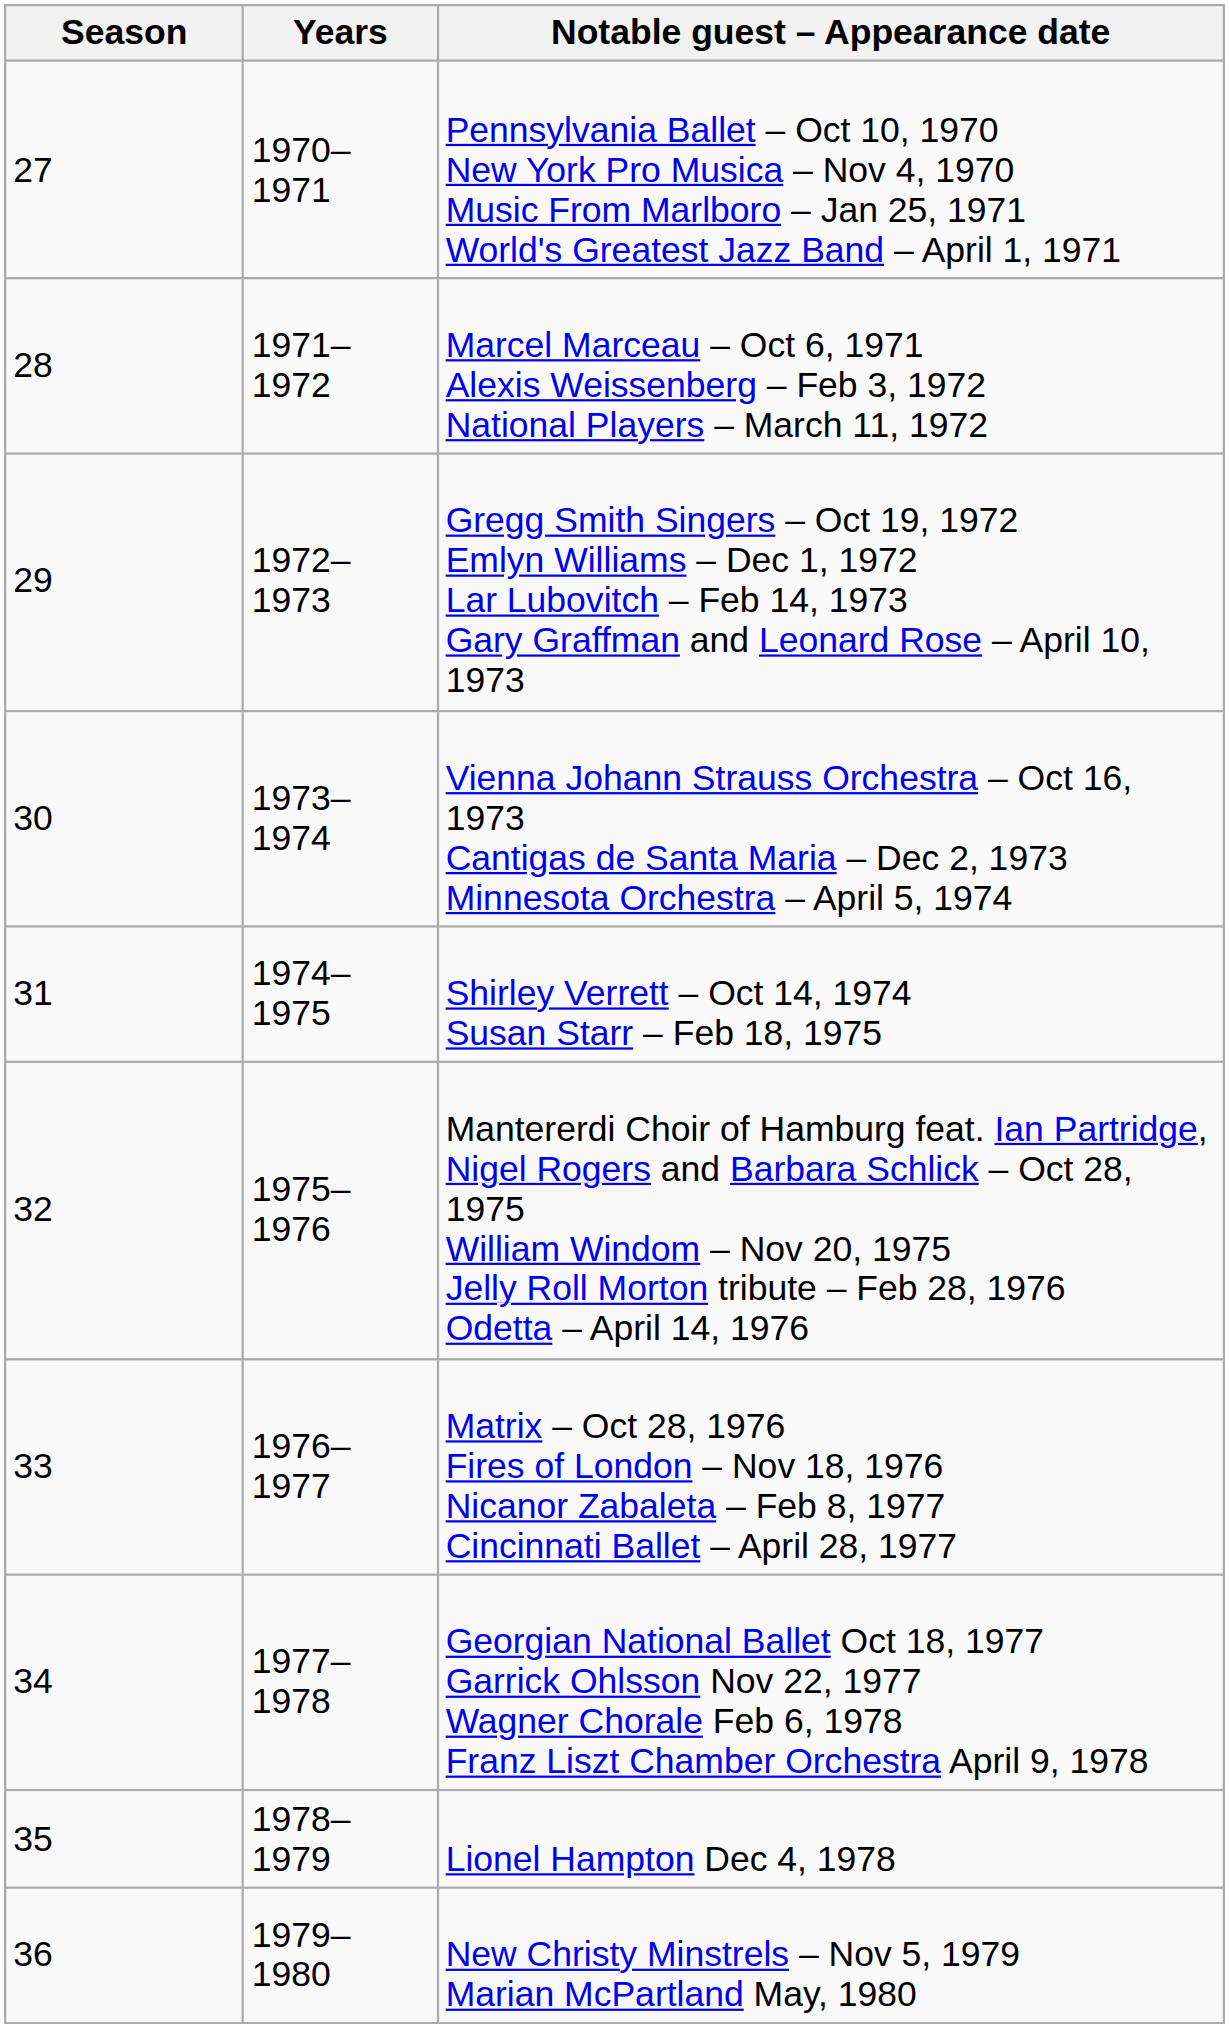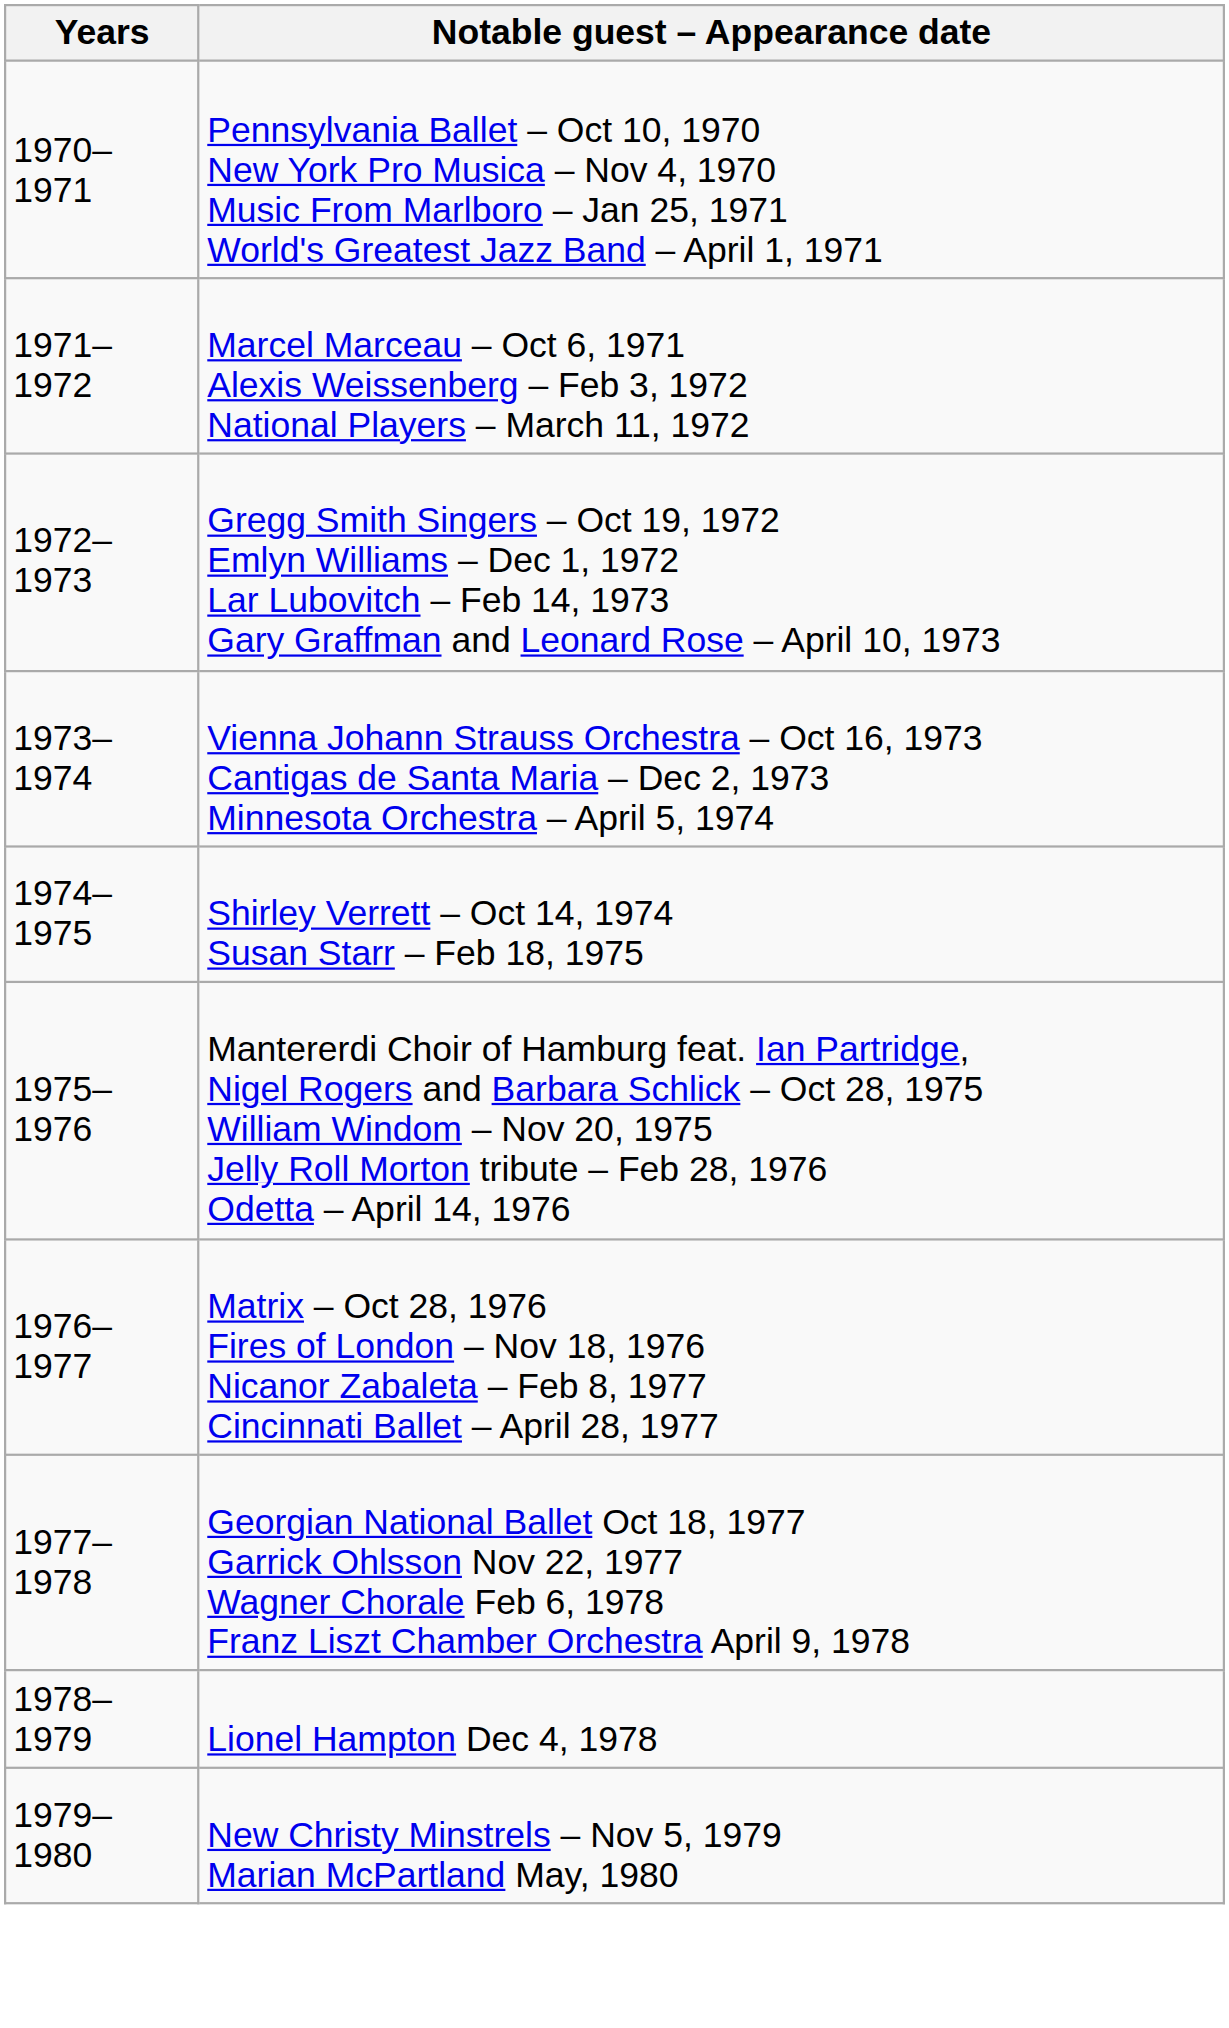 <table class="wikitable collapsible" width="550">
 <tr>
-<th scope="col" width="100px">Season</th>
 <th scope="col" width="80px">Years</th>
 <th>Notable guest – Appearance date</th>
 </tr>
 <tr>
-<td>27</td>
 <td>1970–1971</td>
 <td><br><a href='#'>Pennsylvania Ballet</a> – Oct 10, 1970<br> <a href='#'>New York Pro Musica</a> – Nov 4, 1970<br> <a href='#'>Music From Marlboro</a> – Jan 25, 1971<br> <a href='#'>World's Greatest Jazz Band</a> – April 1, 1971</td>
 </tr>
 <tr>
-<td>28</td>
 <td>1971–1972</td>
 <td><br><a href='#'>Marcel Marceau</a> – Oct 6, 1971<br> <a href='#'>Alexis Weissenberg</a> – Feb 3, 1972<br> <a href='#'>National Players</a> – March 11, 1972</td>
 </tr>
 <tr>
-<td>29</td>
 <td>1972–1973</td>
 <td><br><a href='#'>Gregg Smith Singers</a> – Oct 19, 1972<br> <a href='#'>Emlyn Williams</a> – Dec 1, 1972<br> <a href='#'>Lar Lubovitch</a> – Feb 14, 1973<br> <a href='#'>Gary Graffman</a> and <a href='#'>Leonard Rose</a> – April 10, 1973</td>
 </tr>
 <tr>
-<td>30</td>
 <td>1973–1974</td>
 <td><br><a href='#'>Vienna Johann Strauss Orchestra</a> – Oct 16, 1973<br> <a href='#'>Cantigas de Santa Maria</a> – Dec 2, 1973<br> <a href='#'>Minnesota Orchestra</a> – April 5, 1974</td>
 </tr>
 <tr>
-<td>31</td>
 <td>1974–1975</td>
 <td><br><a href='#'>Shirley Verrett</a> – Oct 14, 1974<br> <a href='#'>Susan Starr</a> – Feb 18, 1975</td>
 </tr>
 <tr>
-<td>32</td>
 <td>1975–1976</td>
 <td><br>Mantererdi Choir of Hamburg feat. <a href='#'>Ian Partridge</a>, <br><a href='#'>Nigel Rogers</a> and <a href='#'>Barbara Schlick</a> – Oct 28, 1975<br> <a href='#'>William Windom</a> – Nov 20, 1975<br> <a href='#'>Jelly Roll Morton</a> tribute – Feb 28, 1976<br> <a href='#'>Odetta</a> – April 14, 1976</td>
 </tr>
 <tr>
-<td>33</td>
 <td>1976–1977</td>
 <td><br><a href='#'>Matrix</a> – Oct 28, 1976<br> <a href='#'>Fires of London</a> – Nov 18, 1976<br> <a href='#'>Nicanor Zabaleta</a> – Feb 8, 1977<br> <a href='#'>Cincinnati Ballet</a> – April 28, 1977</td>
 </tr>
 <tr>
-<td>34</td>
 <td>1977–1978</td>
 <td><br><a href='#'>Georgian National Ballet</a> Oct 18, 1977<br> <a href='#'>Garrick Ohlsson</a> Nov 22, 1977<br> <a href='#'>Wagner Chorale</a> Feb 6, 1978<br> <a href='#'>Franz Liszt Chamber Orchestra</a> April 9, 1978</td>
 </tr>
 <tr>
-<td>35</td>
 <td>1978–1979</td>
 <td><br><a href='#'>Lionel Hampton</a> Dec 4, 1978</td>
 </tr>
 <tr>
-<td>36</td>
 <td>1979–1980</td>
 <td><br><a href='#'>New Christy Minstrels</a> – Nov 5, 1979<br> <a href='#'>Marian McPartland</a> May, 1980</td>
 </tr>
 </table>
